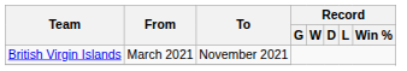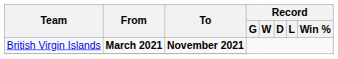 <table class="wikitable" style="text-align: center">
 <tr>
 <th rowspan="2">Team</th>
 <th rowspan="2">From</th>
 <th rowspan="2">To</th>
 <th colspan="5">Record</th>
 </tr>
 <tr>
 <th>G</th>
 <th>W</th>
 <th>D</th>
 <th>L</th>
 <th>Win %</th>
 </tr>
 <tr>
 <td align=left><a href='#'>British Virgin Islands</a></td>
-<td align=left>March 2021</td>
-<td align=left>November 2021<br></td>
+<td align=left><strong>March 2021</strong></td>
+<td align=left><strong>November 2021<br></strong></td>
 </tr>
 <tr>
 </tr>
 </table>
